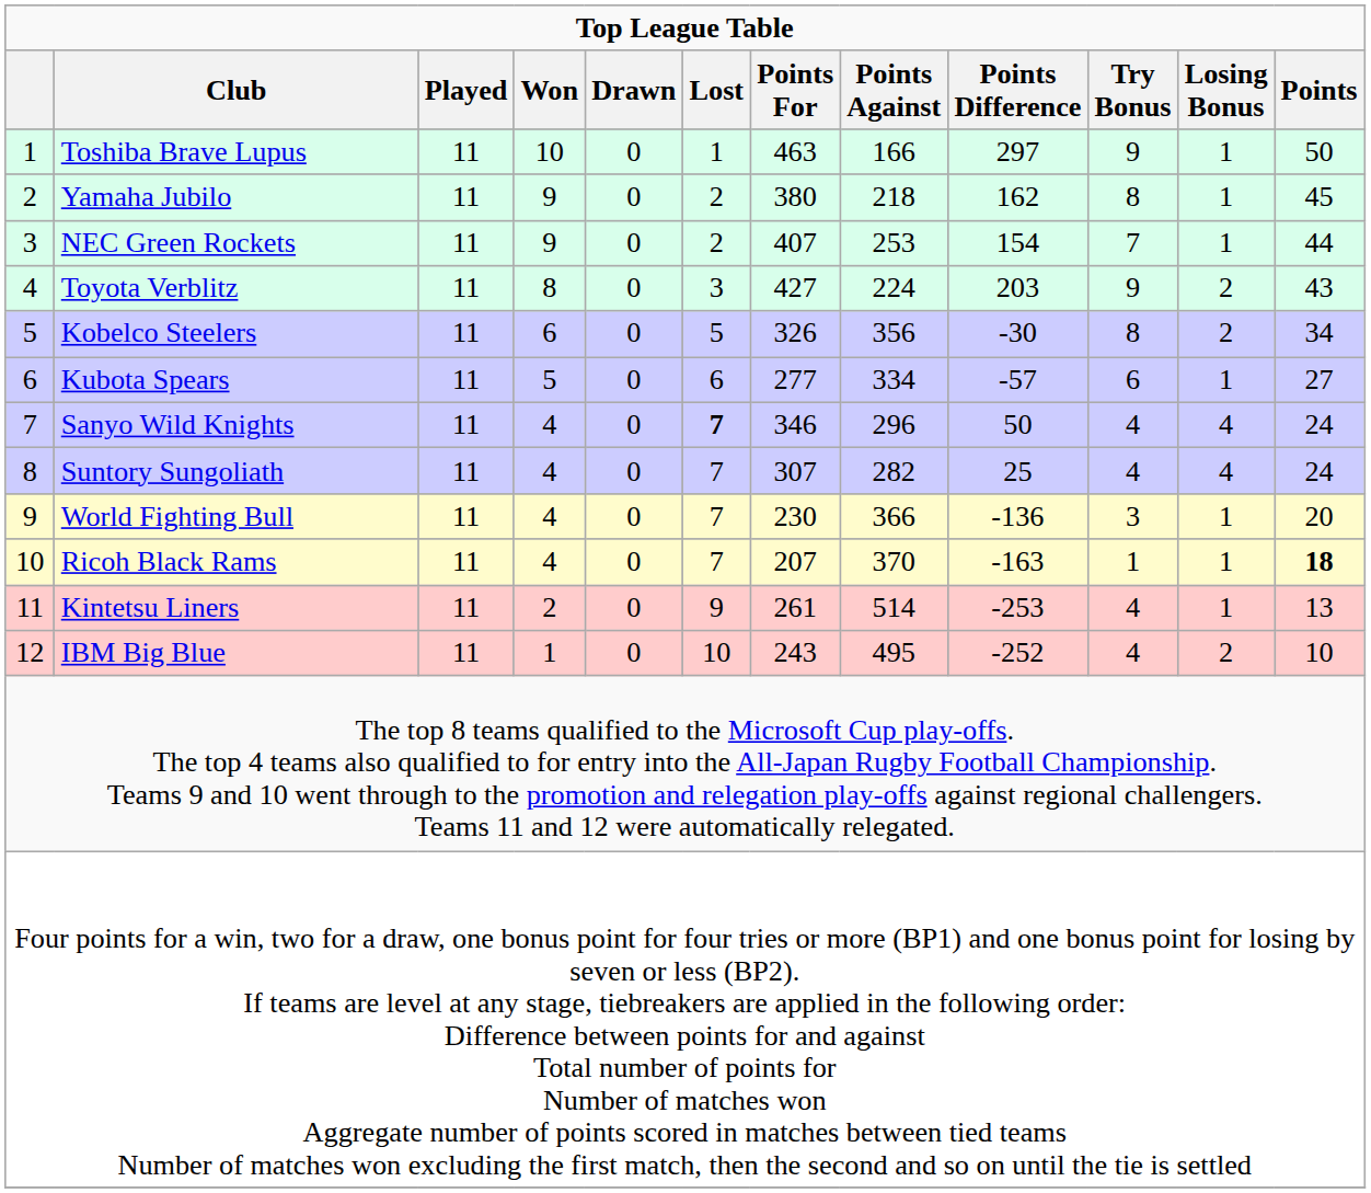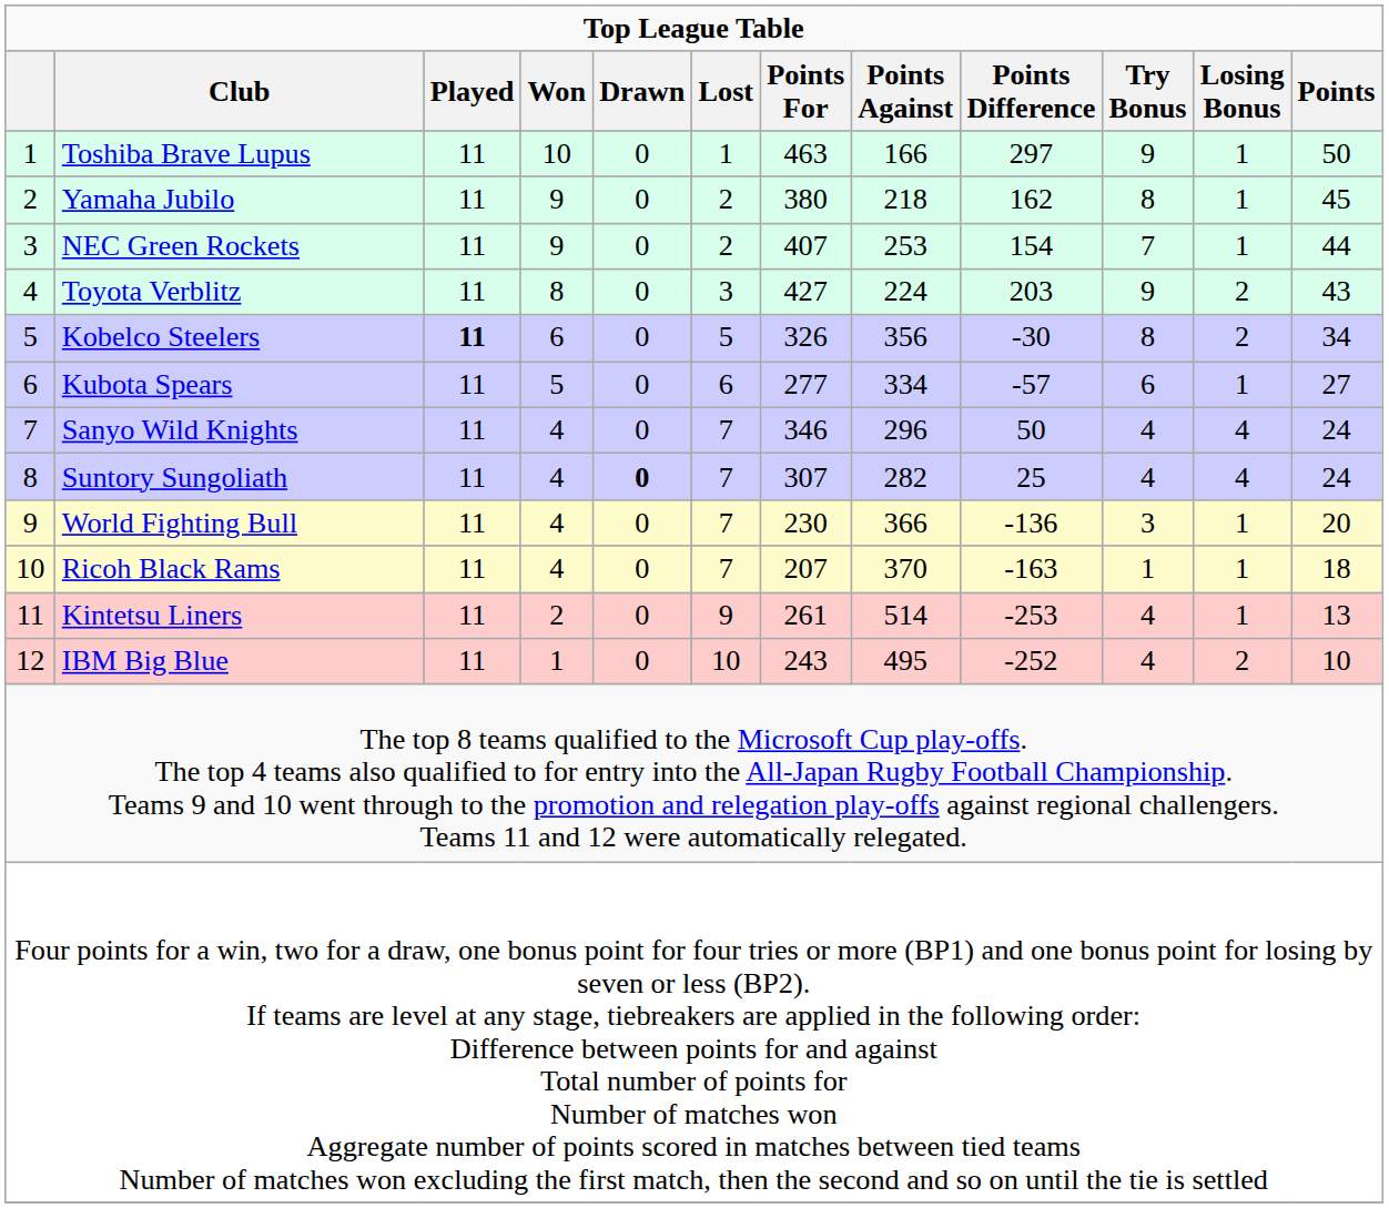 <table class="wikitable" style="text-align: center;">
 <tr>
 <td colspan="15" cellpadding="0" cellspacing="0"><strong>Top League Table</strong></td>
 </tr>
 <tr>
 <th bgcolor="#efefef" width="20"></th>
 <th bgcolor="#efefef" width="195">Club</th>
 <th bgcolor="#efefef" width="20">Played</th>
 <th bgcolor="#efefef" width="20">Won</th>
 <th bgcolor="#efefef" width="20">Drawn</th>
 <th bgcolor="#efefef" width="20">Lost</th>
 <th bgcolor="#efefef" width="20">Points For</th>
 <th bgcolor="#efefef" width="20">Points Against</th>
 <th bgcolor="#efefef" width="20">Points Difference</th>
 <th bgcolor="#efefef" width="20">Try Bonus</th>
 <th bgcolor="#efefef" width="20">Losing Bonus</th>
 <th bgcolor="#efefef" width="20">Points<br></th>
 </tr>
 <tr bgcolor=#d8ffeb align=center>
 <td>1</td>
 <td style="text-align:left;"><a href='#'>Toshiba Brave Lupus</a></td>
 <td>11</td>
 <td>10</td>
 <td>0</td>
 <td>1</td>
 <td>463</td>
 <td>166</td>
 <td>297</td>
 <td>9</td>
 <td>1</td>
 <td>50</td>
 </tr>
 <tr bgcolor=#d8ffeb align=center>
 <td>2</td>
 <td style="text-align:left;"><a href='#'>Yamaha Jubilo</a></td>
 <td>11</td>
 <td>9</td>
 <td>0</td>
 <td>2</td>
 <td>380</td>
 <td>218</td>
 <td>162</td>
 <td>8</td>
 <td>1</td>
 <td>45</td>
 </tr>
 <tr bgcolor=#d8ffeb align=center>
 <td>3</td>
 <td style="text-align:left;"><a href='#'>NEC Green Rockets</a></td>
 <td>11</td>
 <td>9</td>
 <td>0</td>
 <td>2</td>
 <td>407</td>
 <td>253</td>
 <td>154</td>
 <td>7</td>
 <td>1</td>
 <td>44</td>
 </tr>
 <tr bgcolor=#d8ffeb align=center>
 <td>4</td>
 <td style="text-align:left;"><a href='#'>Toyota Verblitz</a></td>
 <td>11</td>
 <td>8</td>
 <td>0</td>
 <td>3</td>
 <td>427</td>
 <td>224</td>
 <td>203</td>
 <td>9</td>
 <td>2</td>
 <td>43</td>
 </tr>
 <tr bgcolor=#ccccff align=center>
 <td>5</td>
 <td style="text-align:left;"><a href='#'>Kobelco Steelers</a></td>
-<td>11</td>
+<td><strong>11</strong></td>
 <td>6</td>
 <td>0</td>
 <td>5</td>
 <td>326</td>
 <td>356</td>
 <td>-30</td>
 <td>8</td>
 <td>2</td>
 <td>34</td>
 </tr>
 <tr bgcolor=#ccccff align=center>
 <td>6</td>
 <td style="text-align:left;"><a href='#'>Kubota Spears</a></td>
 <td>11</td>
 <td>5</td>
 <td>0</td>
 <td>6</td>
 <td>277</td>
 <td>334</td>
 <td>-57</td>
 <td>6</td>
 <td>1</td>
 <td>27</td>
 </tr>
 <tr bgcolor=#ccccff align=center>
 <td>7</td>
 <td style="text-align:left;"><a href='#'>Sanyo Wild Knights</a></td>
 <td>11</td>
 <td>4</td>
 <td>0</td>
-<td><strong>7</strong></td>
+<td>7</td>
 <td>346</td>
 <td>296</td>
 <td>50</td>
 <td>4</td>
 <td>4</td>
 <td>24</td>
 </tr>
 <tr bgcolor=#ccccff align=center>
 <td>8</td>
 <td style="text-align:left;"><a href='#'>Suntory Sungoliath</a></td>
 <td>11</td>
 <td>4</td>
-<td>0</td>
+<td><strong>0</strong></td>
 <td>7</td>
 <td>307</td>
 <td>282</td>
 <td>25</td>
 <td>4</td>
 <td>4</td>
 <td>24</td>
 </tr>
 <tr bgcolor=#fffccc align=center>
 <td>9</td>
 <td style="text-align:left;"><a href='#'>World Fighting Bull</a></td>
 <td>11</td>
 <td>4</td>
 <td>0</td>
 <td>7</td>
 <td>230</td>
 <td>366</td>
 <td>-136</td>
 <td>3</td>
 <td>1</td>
 <td>20</td>
 </tr>
 <tr bgcolor=#fffccc align=center>
 <td>10</td>
 <td style="text-align:left;"><a href='#'>Ricoh Black Rams</a></td>
 <td>11</td>
 <td>4</td>
 <td>0</td>
 <td>7</td>
 <td>207</td>
 <td>370</td>
 <td>-163</td>
 <td>1</td>
 <td>1</td>
-<td><strong>18</strong></td>
+<td>18</td>
 </tr>
 <tr bgcolor=#ffcccc align=center>
 <td>11</td>
 <td style="text-align:left;"><a href='#'>Kintetsu Liners</a></td>
 <td>11</td>
 <td>2</td>
 <td>0</td>
 <td>9</td>
 <td>261</td>
 <td>514</td>
 <td>-253</td>
 <td>4</td>
 <td>1</td>
 <td>13</td>
 </tr>
 <tr bgcolor=#ffcccc align=center>
 <td>12</td>
 <td style="text-align:left;"><a href='#'>IBM Big Blue</a></td>
 <td>11</td>
 <td>1</td>
 <td>0</td>
 <td>10</td>
 <td>243</td>
 <td>495</td>
 <td>-252</td>
 <td>4</td>
 <td>2</td>
 <td>10</td>
 </tr>
 <tr align=center>
 <td colspan="15" style="border:0px"><br> The top 8 teams qualified to the <a href='#'>Microsoft Cup play-offs</a>.<br> The top 4 teams also qualified to for entry into the <a href='#'>All-Japan Rugby Football Championship</a>.<br>  Teams 9 and 10 went through to the <a href='#'>promotion and relegation play-offs</a> against regional challengers.<br>  Teams 11 and 12 were automatically relegated.</td>
 </tr>
 <tr bgcolor=#ffffff align=center>
 <td colspan="15"><br><br>Four points for a win, two for a draw, one bonus point for four tries or more (BP1) and one bonus point for losing by seven or less (BP2).<br> If teams are level at any stage, tiebreakers are applied in the following order:<br>  Difference between points for and against<br>  Total number of points for<br>  Number of matches won<br>  Aggregate number of points scored in matches between tied teams<br>  Number of matches won excluding the first match, then the second and so on until the tie is settled<br></td>
 </tr>
 <tr |align=left|>
 </tr>
 </table>
